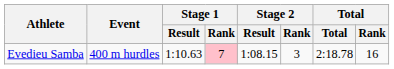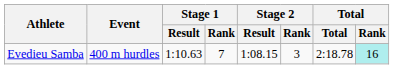 <table class="wikitable" style="font-size:90%">
 <tr>
 <th rowspan=2>Athlete</th>
 <th rowspan=2>Event</th>
 <th colspan=2>Stage 1</th>
 <th colspan=2>Stage 2</th>
 <th colspan=2>Total</th>
 </tr>
 <tr style="font-size:95%">
 <th>Result</th>
 <th>Rank</th>
 <th>Result</th>
 <th>Rank</th>
 <th>Total</th>
 <th>Rank</th>
 </tr>
 <tr align=center>
 <td align=left><a href='#'>Evedieu Samba</a></td>
 <td align=left><a href='#'>400 m hurdles</a></td>
 <td>1:10.63</td>
-<td style="background: pink;">7</td>
+<td>7</td>
 <td>1:08.15</td>
 <td>3</td>
 <td>2:18.78</td>
-<td>16</td>
+<td style="background: paleturquoise;">16</td>
 </tr>
 </table>
